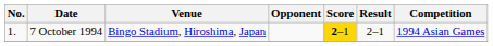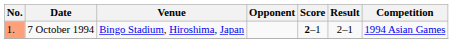 <table class="wikitable">
 <tr>
 <th>No.</th>
 <th>Date</th>
 <th>Venue</th>
 <th>Opponent</th>
 <th>Score</th>
 <th>Result</th>
 <th>Competition</th>
 </tr>
 <tr>
-<td>1.</td>
+<td style="background: lightsalmon;">1.</td>
 <td>7 October 1994</td>
 <td><a href='#'>Bingo Stadium</a>, <a href='#'>Hiroshima</a>, <a href='#'>Japan</a></td>
 <td></td>
-<td align=center style="background: gold;"><strong>2</strong>–1</td>
+<td align=center><strong>2</strong>–1</td>
 <td align=center>2–1</td>
 <td><a href='#'>1994 Asian Games</a></td>
 </tr>
 <tr>
 </tr>
 </table>
